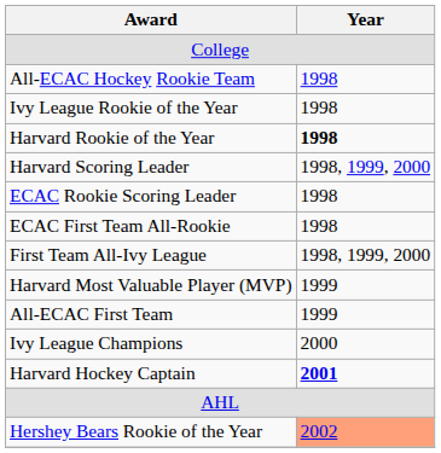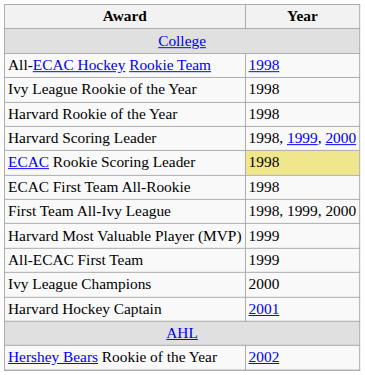 <table class="wikitable">
 <tr>
 <th>Award</th>
 <th>Year</th>
 </tr>
 <tr ALIGN="center" bgcolor="#e0e0e0">
 <td colspan="3"><a href='#'>College</a></td>
 </tr>
 <tr>
 <td>All-<a href='#'>ECAC Hockey</a> <a href='#'>Rookie Team</a></td>
 <td><a href='#'>1998</a></td>
 </tr>
 <tr>
 <td>Ivy League Rookie of the Year</td>
 <td>1998</td>
 </tr>
 <tr>
 <td>Harvard Rookie of the Year</td>
-<td><strong>1998</strong></td>
+<td>1998</td>
 </tr>
 <tr>
 <td>Harvard Scoring Leader</td>
 <td>1998, <a href='#'>1999</a>, <a href='#'>2000</a></td>
 </tr>
 <tr>
 <td><a href='#'>ECAC</a> Rookie Scoring Leader</td>
-<td>1998</td>
+<td style="background: khaki;">1998</td>
 </tr>
 <tr>
 <td>ECAC First Team All-Rookie</td>
 <td>1998</td>
 </tr>
 <tr>
 <td>First Team All-Ivy League</td>
 <td>1998, 1999, 2000</td>
 </tr>
 <tr>
 <td>Harvard Most Valuable Player (MVP)</td>
 <td>1999</td>
 </tr>
 <tr>
 <td>All-ECAC First Team</td>
 <td>1999</td>
 </tr>
 <tr>
 <td>Ivy League Champions</td>
 <td>2000</td>
 </tr>
 <tr>
 <td>Harvard Hockey Captain</td>
-<td><strong><a href='#'>2001</a></strong></td>
+<td><a href='#'>2001</a></td>
 </tr>
 <tr ALIGN="center" bgcolor="#e0e0e0">
 <td colspan="3"><a href='#'>AHL</a></td>
 </tr>
 <tr>
 <td><a href='#'>Hershey Bears</a> Rookie of the Year</td>
-<td style="background: lightsalmon;"><a href='#'>2002</a></td>
+<td><a href='#'>2002</a></td>
 </tr>
 <tr>
 </tr>
 </table>
